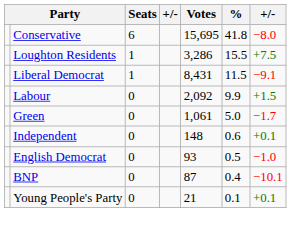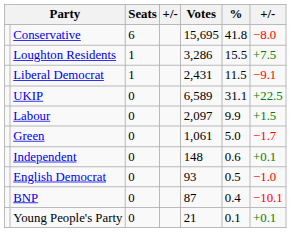 <table class="wikitable">
 <tr>
 <th colspan="2">Party</th>
 <th>Seats</th>
 <th>+/-</th>
 <th>Votes</th>
 <th>%</th>
 <th>+/-</th>
 </tr>
 <tr>
 <td style="background-color: "></td>
 <td><a href='#'>Conservative</a></td>
 <td>6</td>
 <td></td>
 <td>15,695</td>
 <td>41.8</td>
 <td style="color:red">−8.0</td>
 </tr>
 <tr>
 <td style="background-color: "></td>
 <td><a href='#'>Loughton Residents</a></td>
 <td>1</td>
 <td></td>
 <td>3,286</td>
 <td>15.5</td>
 <td style="color:green">+7.5</td>
 </tr>
 <tr>
 <td style="background-color: "></td>
 <td><a href='#'>Liberal Democrat</a></td>
 <td>1</td>
 <td></td>
-<td>8,431</td>
+<td>2,431</td>
 <td>11.5</td>
 <td style="color:red">−9.1</td>
+</tr>
+<tr>
+<td style="background-color: "></td>
+<td><a href='#'>UKIP</a></td>
+<td>0</td>
+<td></td>
+<td>6,589</td>
+<td>31.1</td>
+<td style="color:green">+22.5</td>
 </tr>
 <tr>
 <td style="background-color: "></td>
 <td><a href='#'>Labour</a></td>
 <td>0</td>
 <td></td>
-<td>2,092</td>
+<td>2,097</td>
 <td>9.9</td>
 <td style="color:green">+1.5</td>
 </tr>
 <tr>
 <td style="background-color: "></td>
 <td><a href='#'>Green</a></td>
 <td>0</td>
 <td></td>
 <td>1,061</td>
 <td>5.0</td>
 <td style="color:red">−1.7</td>
 </tr>
 <tr>
 <td style="background-color: "></td>
 <td><a href='#'>Independent</a></td>
 <td>0</td>
 <td></td>
 <td>148</td>
 <td>0.6</td>
 <td style="color:green">+0.1</td>
 </tr>
 <tr>
 <td style="background-color: "></td>
 <td><a href='#'>English Democrat</a></td>
 <td>0</td>
 <td></td>
 <td>93</td>
 <td>0.5</td>
 <td style="color:red">−1.0</td>
 </tr>
 <tr>
 <td style="background-color: "></td>
 <td><a href='#'>BNP</a></td>
 <td>0</td>
 <td></td>
 <td>87</td>
 <td>0.4</td>
 <td style="color:red">−10.1</td>
 </tr>
 <tr>
 <td style="background-color: "></td>
 <td>Young People's Party</td>
 <td>0</td>
 <td></td>
 <td>21</td>
 <td>0.1</td>
 <td style="color:green">+0.1</td>
 </tr>
 </table>
